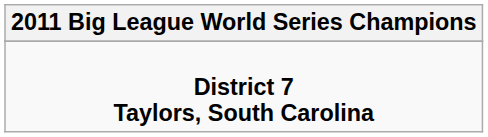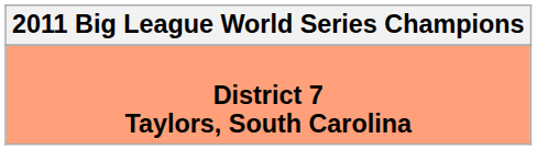 <table class="wikitable" style="text-align: center; margin: 0 auto;">
 <tr>
 <th>2011 Big League World Series Champions</th>
 </tr>
 <tr>
 </tr>
 <tr>
-<td><br><strong>District 7</strong><br> <strong>Taylors, South Carolina</strong></td>
+<td style="background: lightsalmon;"><br><strong>District 7</strong><br> <strong>Taylors, South Carolina</strong></td>
 </tr>
 </table>
